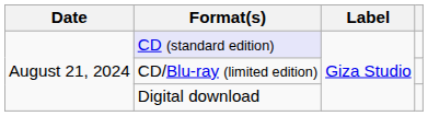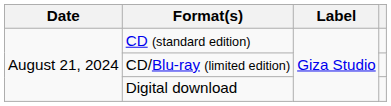 <table class="wikitable plainrowheaders">
 <tr>
 <th scope="col">Date</th>
 <th scope="col">Format(s)</th>
 <th scope="col">Label</th>
 <th scope="col"></th>
 </tr>
 <tr>
 <td rowspan="3">August 21, 2024</td>
-<td style="background: lavender;"><a href='#'>CD</a> <small>(standard edition)</small></td>
+<td><a href='#'>CD</a> <small>(standard edition)</small></td>
 <td rowspan="3"><a href='#'>Giza Studio</a></td>
 <td></td>
 </tr>
 <tr>
 <td>CD/<a href='#'>Blu-ray</a> <small>(limited edition)</small></td>
 <td></td>
 </tr>
 <tr>
 <td>Digital download</td>
 <td></td>
 </tr>
 </table>
